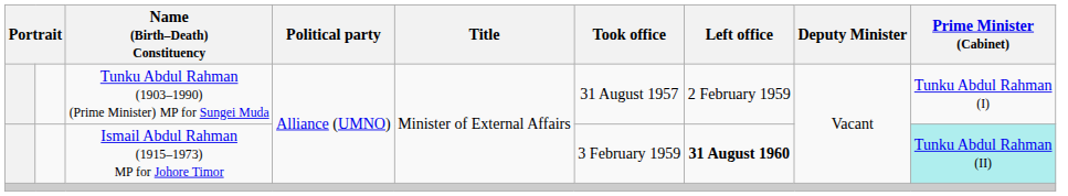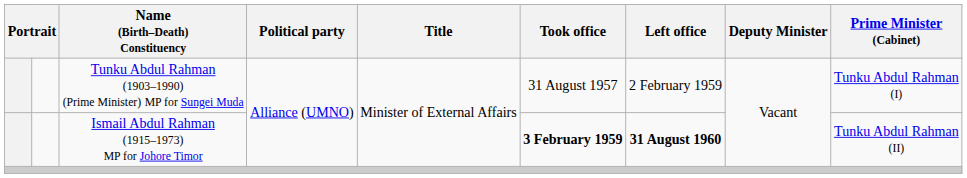 <table class="wikitable sortable" style="text-align:center;">
 <tr>
 <th colspan="2">Portrait</th>
 <th>Name<small><br>(Birth–Death)</small><small><br>Constituency</small></th>
 <th>Political party</th>
 <th>Title</th>
 <th>Took office</th>
 <th>Left office</th>
 <th>Deputy Minister</th>
 <th><a href='#'>Prime Minister</a><br><small>(Cabinet)</small></th>
 </tr>
 <tr>
 <th style="background:"></th>
 <td></td>
 <td><a href='#'>Tunku Abdul Rahman</a> <br><small>(1903–1990)<br>(Prime Minister)</small> <small>MP for <a href='#'>Sungei Muda</a></small></td>
 <td rowspan="2"><a href='#'>Alliance</a> (<a href='#'>UMNO</a>)</td>
 <td rowspan="2">Minister of External Affairs</td>
 <td>31 August 1957</td>
 <td>2 February 1959</td>
 <td rowspan="2">Vacant</td>
 <td><a href='#'>Tunku Abdul Rahman</a><br><small>(I)</small></td>
 </tr>
 <tr>
 <th style="background:"></th>
 <td></td>
 <td><a href='#'>Ismail Abdul Rahman</a><br><small>(1915–1973)</small><br><small>MP for <a href='#'>Johore Timor</a></small></td>
-<td>3 February 1959</td>
+<td><strong>3 February 1959</strong></td>
 <td><strong>31 August 1960</strong></td>
-<td style="background: paleturquoise;"><a href='#'>Tunku Abdul Rahman</a><br><small>(II)</small></td>
+<td><a href='#'>Tunku Abdul Rahman</a><br><small>(II)</small></td>
 </tr>
 <tr>
 <td colspan="9" bgcolor="cccccc"></td>
 </tr>
 </table>
